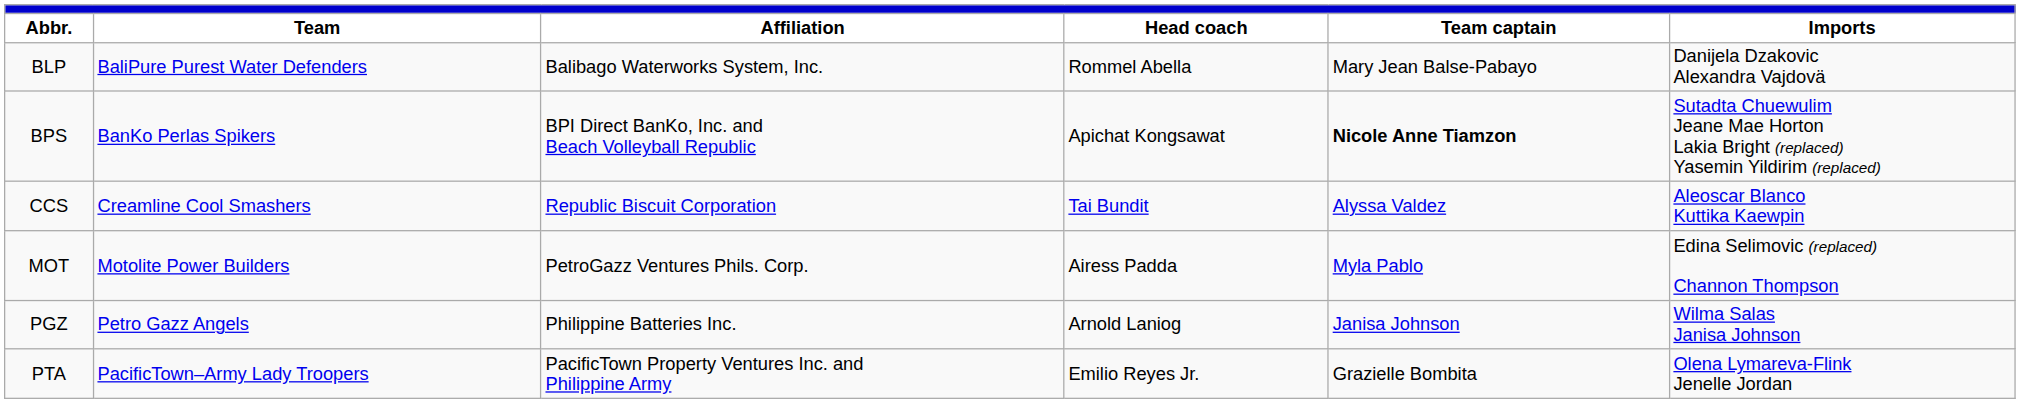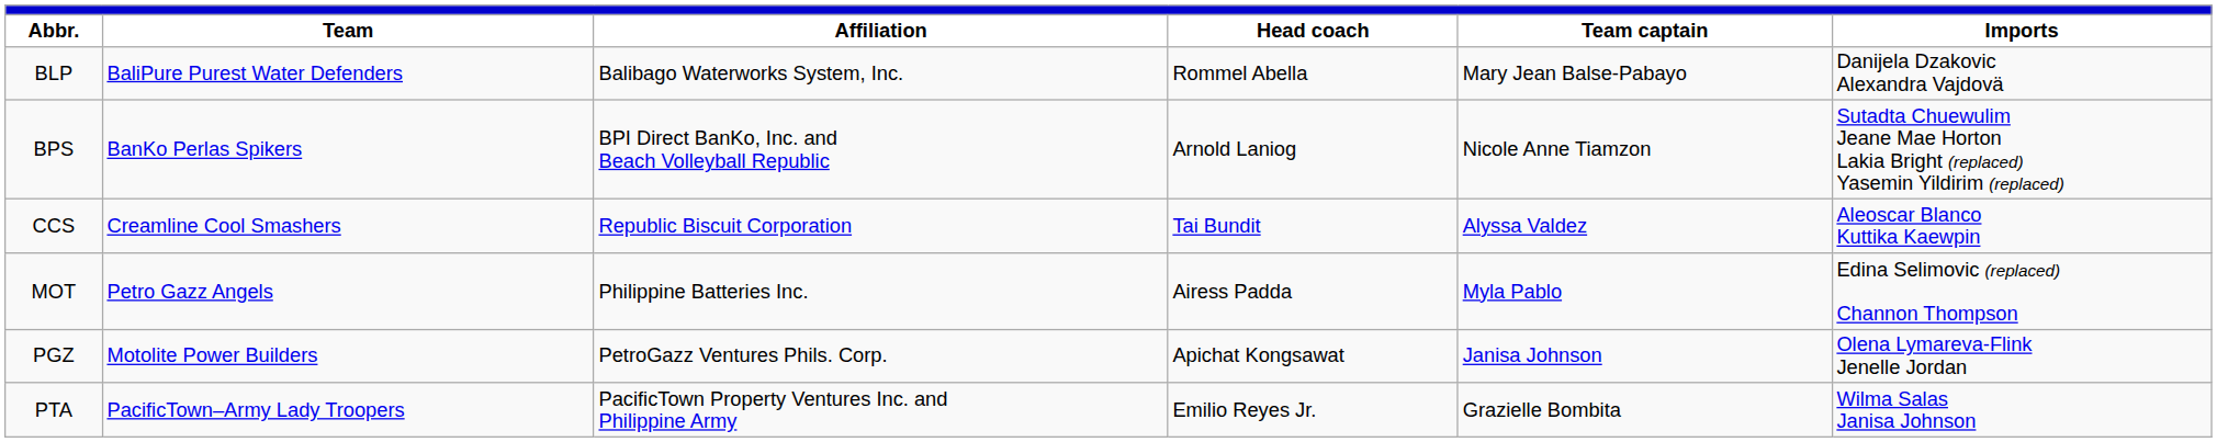 <table class="wikitable" style="width:100%; font-size:90%; text-align:left">
 <tr>
 <th style=background:#0000CD colspan=7><span></span></th>
 </tr>
 <tr>
 <th style="background:white">Abbr.</th>
 <th style="background:white">Team</th>
 <th style="background:white">Affiliation</th>
 <th style="background:white">Head coach</th>
 <th style="background:white">Team captain</th>
 <th style="background:white">Imports</th>
 </tr>
 <tr>
 <td style="text-align:center;">BLP</td>
 <td><a href='#'>BaliPure Purest Water Defenders</a></td>
 <td>Balibago Waterworks System, Inc.</td>
 <td> Rommel Abella</td>
 <td> Mary Jean Balse-Pabayo</td>
 <td> Danijela Dzakovic <br>  Alexandra Vajdovä</td>
 </tr>
 <tr>
 <td style="text-align:center;">BPS</td>
 <td><a href='#'>BanKo Perlas Spikers</a></td>
 <td>BPI Direct BanKo, Inc. and<br><a href='#'>Beach Volleyball Republic</a></td>
-<td> Apichat Kongsawat</td>
-<td><strong> Nicole Anne Tiamzon</strong></td>
+<td> Arnold Laniog</td>
+<td> Nicole Anne Tiamzon</td>
 <td> <a href='#'>Sutadta Chuewulim</a><br> Jeane Mae Horton<br> Lakia Bright <small><em>(replaced)</em></small><br> Yasemin Yildirim <small><em>(replaced)</em></small></td>
 </tr>
 <tr>
 <td style="text-align:center;">CCS</td>
 <td><a href='#'>Creamline Cool Smashers</a></td>
 <td><a href='#'>Republic Biscuit Corporation</a></td>
 <td> <a href='#'>Tai Bundit</a></td>
 <td> <a href='#'>Alyssa Valdez</a></td>
 <td> <a href='#'>Aleoscar Blanco</a><br> <a href='#'>Kuttika Kaewpin</a></td>
 </tr>
 <tr>
 <td style="text-align:center;">MOT</td>
-<td><a href='#'>Motolite Power Builders</a></td>
-<td>PetroGazz Ventures Phils. Corp.</td>
+<td><a href='#'>Petro Gazz Angels</a></td>
+<td>Philippine Batteries Inc.</td>
 <td> Airess Padda</td>
 <td> <a href='#'>Myla Pablo</a></td>
 <td> Edina Selimovic <small><em>(replaced)</em></small><br> <br> <a href='#'>Channon Thompson</a></td>
 </tr>
 <tr>
 <td style="text-align:center;">PGZ</td>
-<td><a href='#'>Petro Gazz Angels</a></td>
-<td>Philippine Batteries Inc.</td>
-<td> Arnold Laniog</td>
+<td><a href='#'>Motolite Power Builders</a></td>
+<td>PetroGazz Ventures Phils. Corp.</td>
+<td> Apichat Kongsawat</td>
 <td> <a href='#'>Janisa Johnson</a></td>
-<td> <a href='#'>Wilma Salas</a><br> <a href='#'>Janisa Johnson</a></td>
+<td> <a href='#'>Olena Lymareva-Flink</a> <br> Jenelle Jordan</td>
 </tr>
 <tr>
 <td style="text-align:center;">PTA</td>
 <td><a href='#'>PacificTown–Army Lady Troopers</a></td>
 <td>PacificTown Property Ventures Inc. and<br><a href='#'>Philippine Army</a></td>
 <td> Emilio Reyes Jr.</td>
 <td> Grazielle Bombita</td>
-<td> <a href='#'>Olena Lymareva-Flink</a> <br> Jenelle Jordan</td>
+<td> <a href='#'>Wilma Salas</a><br> <a href='#'>Janisa Johnson</a></td>
 </tr>
 </table>
